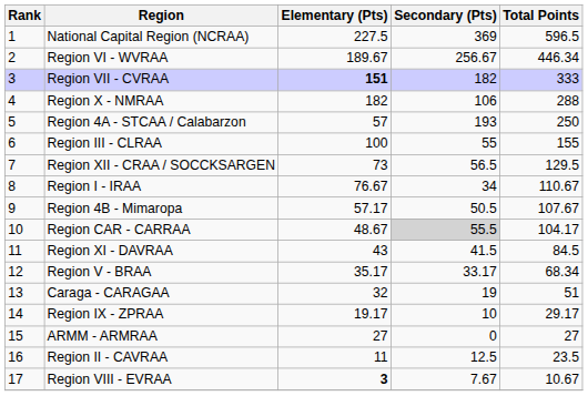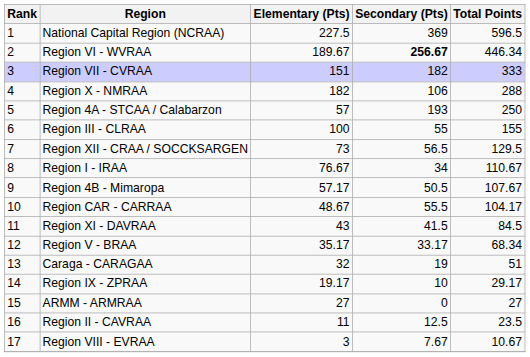 <table class=wikitable>
 <tr>
 <th>Rank</th>
 <th>Region</th>
 <th>Elementary (Pts)</th>
 <th>Secondary (Pts)</th>
 <th>Total Points</th>
 </tr>
 <tr>
 <td>1</td>
 <td>National Capital Region (NCRAA)</td>
 <td align=right>227.5</td>
 <td align=right>369</td>
 <td align=right>596.5</td>
 </tr>
 <tr>
 <td>2</td>
 <td>Region VI - WVRAA</td>
 <td align=right>189.67</td>
-<td align=right>256.67</td>
+<td align=right><strong>256.67</strong></td>
 <td align=right>446.34</td>
 </tr>
 <tr bgcolor=ccccff>
 <td>3</td>
 <td>Region VII - CVRAA</td>
-<td align=right><strong>151</strong></td>
+<td align=right>151</td>
 <td align=right>182</td>
 <td align=right>333</td>
 </tr>
 <tr>
 <td>4</td>
 <td>Region X - NMRAA</td>
 <td align=right>182</td>
 <td align=right>106</td>
 <td align=right>288</td>
 </tr>
 <tr>
 <td>5</td>
 <td>Region 4A - STCAA / Calabarzon</td>
 <td align=right>57</td>
 <td align=right>193</td>
 <td align=right>250</td>
 </tr>
 <tr>
 <td>6</td>
 <td>Region III - CLRAA</td>
 <td align=right>100</td>
 <td align=right>55</td>
 <td align=right>155</td>
 </tr>
 <tr>
 <td>7</td>
 <td>Region XII - CRAA / SOCCKSARGEN</td>
 <td align=right>73</td>
 <td align=right>56.5</td>
 <td align=right>129.5</td>
 </tr>
 <tr>
 <td>8</td>
 <td>Region I - IRAA</td>
 <td align=right>76.67</td>
 <td align=right>34</td>
 <td align=right>110.67</td>
 </tr>
 <tr>
 <td>9</td>
 <td>Region 4B - Mimaropa</td>
 <td align=right>57.17</td>
 <td align=right>50.5</td>
 <td align=right>107.67</td>
 </tr>
 <tr>
 <td>10</td>
 <td>Region CAR - CARRAA</td>
 <td align=right>48.67</td>
-<td align=right style="background: lightgrey;">55.5</td>
+<td align=right>55.5</td>
 <td align=right>104.17</td>
 </tr>
 <tr>
 <td>11</td>
 <td>Region XI - DAVRAA</td>
 <td align=right>43</td>
 <td align=right>41.5</td>
 <td align=right>84.5</td>
 </tr>
 <tr>
 <td>12</td>
 <td>Region V - BRAA</td>
 <td align=right>35.17</td>
 <td align=right>33.17</td>
 <td align=right>68.34</td>
 </tr>
 <tr>
 <td>13</td>
 <td>Caraga - CARAGAA</td>
 <td align=right>32</td>
 <td align=right>19</td>
 <td align=right>51</td>
 </tr>
 <tr>
 <td>14</td>
 <td>Region IX - ZPRAA</td>
 <td align=right>19.17</td>
 <td align=right>10</td>
 <td align=right>29.17</td>
 </tr>
 <tr>
 <td>15</td>
 <td>ARMM - ARMRAA</td>
 <td align=right>27</td>
 <td align=right>0</td>
 <td align=right>27</td>
 </tr>
 <tr>
 <td>16</td>
 <td>Region II - CAVRAA</td>
 <td align=right>11</td>
 <td align=right>12.5</td>
 <td align=right>23.5</td>
 </tr>
 <tr>
 <td>17</td>
 <td>Region VIII - EVRAA</td>
-<td align=right><strong>3</strong></td>
+<td align=right>3</td>
 <td align=right>7.67</td>
 <td align=right>10.67</td>
 </tr>
 <tr>
 </tr>
 </table>
